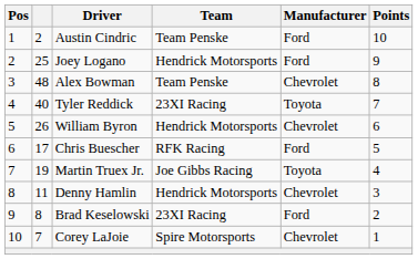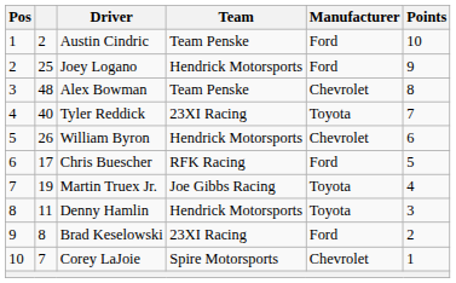 <table class="wikitable" style="font-size:98%">
 <tr>
 <th>Pos</th>
 <th></th>
 <th>Driver</th>
 <th>Team</th>
 <th>Manufacturer</th>
 <th>Points</th>
 </tr>
 <tr>
 <td>1</td>
 <td>2</td>
 <td>Austin Cindric</td>
 <td>Team Penske</td>
 <td>Ford</td>
 <td>10</td>
 </tr>
 <tr>
 <td>2</td>
 <td>25</td>
 <td>Joey Logano</td>
 <td>Hendrick Motorsports</td>
 <td>Ford</td>
 <td>9</td>
 </tr>
 <tr>
 <td>3</td>
 <td>48</td>
 <td>Alex Bowman</td>
 <td>Team Penske</td>
 <td>Chevrolet</td>
 <td>8</td>
 </tr>
 <tr>
 <td>4</td>
 <td>40</td>
 <td>Tyler Reddick</td>
 <td>23XI Racing</td>
 <td>Toyota</td>
 <td>7</td>
 </tr>
 <tr>
 <td>5</td>
 <td>26</td>
 <td>William Byron</td>
 <td>Hendrick Motorsports</td>
 <td>Chevrolet</td>
 <td>6</td>
 </tr>
 <tr>
 <td>6</td>
 <td>17</td>
 <td>Chris Buescher</td>
 <td>RFK Racing</td>
 <td>Ford</td>
 <td>5</td>
 </tr>
 <tr>
 <td>7</td>
 <td>19</td>
 <td>Martin Truex Jr.</td>
 <td>Joe Gibbs Racing</td>
 <td>Toyota</td>
 <td>4</td>
 </tr>
 <tr>
 <td>8</td>
 <td>11</td>
 <td>Denny Hamlin</td>
 <td>Hendrick Motorsports</td>
-<td>Chevrolet</td>
+<td>Toyota</td>
 <td>3</td>
 </tr>
 <tr>
 <td>9</td>
 <td>8</td>
 <td>Brad Keselowski</td>
 <td>23XI Racing</td>
 <td>Ford</td>
 <td>2</td>
 </tr>
 <tr>
 <td>10</td>
 <td>7</td>
 <td>Corey LaJoie</td>
 <td>Spire Motorsports</td>
 <td>Chevrolet</td>
 <td>1</td>
 </tr>
 <tr>
 <th colspan="6"></th>
 </tr>
 </table>
